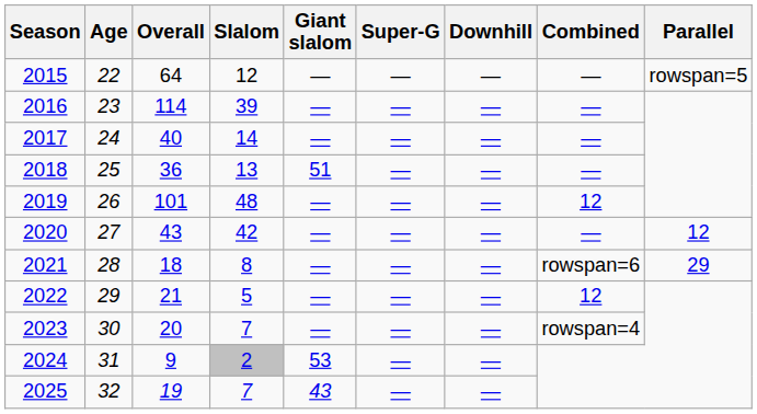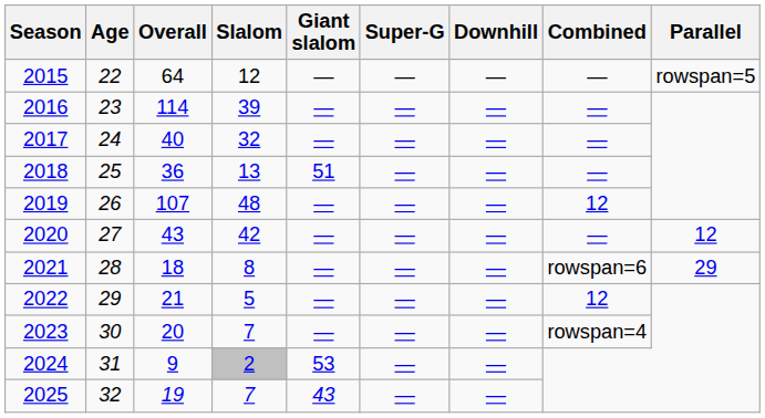 <table class=wikitable style="text-align:center">
 <tr>
 <th>Season</th>
 <th>Age</th>
 <th>Overall</th>
 <th>Slalom</th>
 <th>Giant<br>slalom</th>
 <th>Super-G</th>
 <th>Downhill</th>
 <th>Combined</th>
 <th>Parallel</th>
 </tr>
 <tr>
 <td><a href='#'>2015</a></td>
 <td><em>22</em></td>
 <td>64</td>
 <td>12</td>
 <td>—</td>
 <td>—</td>
 <td>—</td>
 <td>—</td>
 <td>rowspan=5 </td>
 </tr>
 <tr>
 <td><a href='#'>2016</a></td>
 <td><em>23</em></td>
 <td><a href='#'>114</a></td>
 <td><a href='#'>39</a></td>
 <td><a href='#'>—</a></td>
 <td><a href='#'>—</a></td>
 <td><a href='#'>—</a></td>
 <td><a href='#'>—</a></td>
 </tr>
 <tr>
 <td><a href='#'>2017</a></td>
 <td><em>24</em></td>
 <td><a href='#'>40</a></td>
-<td><a href='#'>14</a></td>
+<td><a href='#'>32</a></td>
 <td><a href='#'>—</a></td>
 <td><a href='#'>—</a></td>
 <td><a href='#'>—</a></td>
 <td><a href='#'>—</a></td>
 </tr>
 <tr>
 <td><a href='#'>2018</a></td>
 <td><em>25</em></td>
 <td><a href='#'>36</a></td>
 <td><a href='#'>13</a></td>
 <td><a href='#'>51</a></td>
 <td><a href='#'>—</a></td>
 <td><a href='#'>—</a></td>
 <td><a href='#'>—</a></td>
 </tr>
 <tr>
 <td><a href='#'>2019</a></td>
 <td><em>26</em></td>
-<td><a href='#'>101</a></td>
+<td><a href='#'>107</a></td>
 <td><a href='#'>48</a></td>
 <td><a href='#'>—</a></td>
 <td><a href='#'>—</a></td>
 <td><a href='#'>—</a></td>
 <td><a href='#'>12</a></td>
 </tr>
 <tr>
 <td><a href='#'>2020</a></td>
 <td><em>27</em></td>
 <td><a href='#'>43</a></td>
 <td><a href='#'>42</a></td>
 <td><a href='#'>—</a></td>
 <td><a href='#'>—</a></td>
 <td><a href='#'>—</a></td>
 <td><a href='#'>—</a></td>
 <td><a href='#'>12</a></td>
 </tr>
 <tr>
 <td><a href='#'>2021</a></td>
 <td><em>28</em></td>
 <td><a href='#'>18</a></td>
 <td><a href='#'>8</a></td>
 <td><a href='#'>—</a></td>
 <td><a href='#'>—</a></td>
 <td><a href='#'>—</a></td>
 <td>rowspan=6 </td>
 <td><a href='#'>29</a></td>
 </tr>
 <tr>
 <td><a href='#'>2022</a></td>
 <td><em>29</em></td>
 <td><a href='#'>21</a></td>
 <td><a href='#'>5</a></td>
 <td><a href='#'>—</a></td>
 <td><a href='#'>—</a></td>
 <td><a href='#'>—</a></td>
 <td><a href='#'>12</a></td>
 </tr>
 <tr>
 <td><a href='#'>2023</a></td>
 <td><em>30</em></td>
 <td><a href='#'>20</a></td>
 <td><a href='#'>7</a></td>
 <td><a href='#'>—</a></td>
 <td><a href='#'>—</a></td>
 <td><a href='#'>—</a></td>
 <td>rowspan=4 </td>
 </tr>
 <tr>
 <td><a href='#'>2024</a></td>
 <td><em>31</em></td>
 <td><a href='#'>9</a></td>
 <td bgcolor="silver"><a href='#'>2</a></td>
 <td><a href='#'>53</a></td>
 <td><a href='#'>—</a></td>
 <td><a href='#'>—</a></td>
 </tr>
 <tr>
 <td><a href='#'>2025</a></td>
 <td><em>32</em></td>
 <td><a href='#'><em>19</em></a></td>
 <td><a href='#'><em>7</em></a></td>
 <td><a href='#'><em>43</em></a></td>
 <td><a href='#'>—</a></td>
 <td><a href='#'>—</a></td>
 </tr>
 </table>
